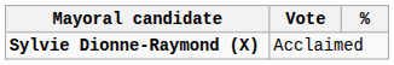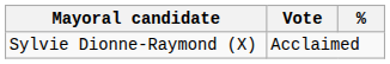 <table class="wikitable">
 <tr>
 <th bgcolor="#DDDDFF" width="200px">Mayoral candidate</th>
 <th bgcolor="#DDDDFF" width="50px">Vote</th>
 <th bgcolor="#DDDDFF" width="30px">%</th>
 </tr>
 <tr>
-<td><strong>Sylvie Dionne-Raymond (X)</strong></td>
+<td>Sylvie Dionne-Raymond (X)</td>
 <td colspan="2">Acclaimed</td>
 </tr>
 </table>
